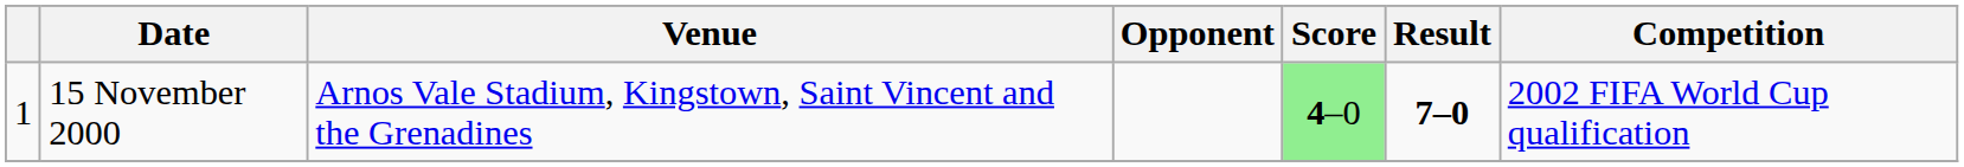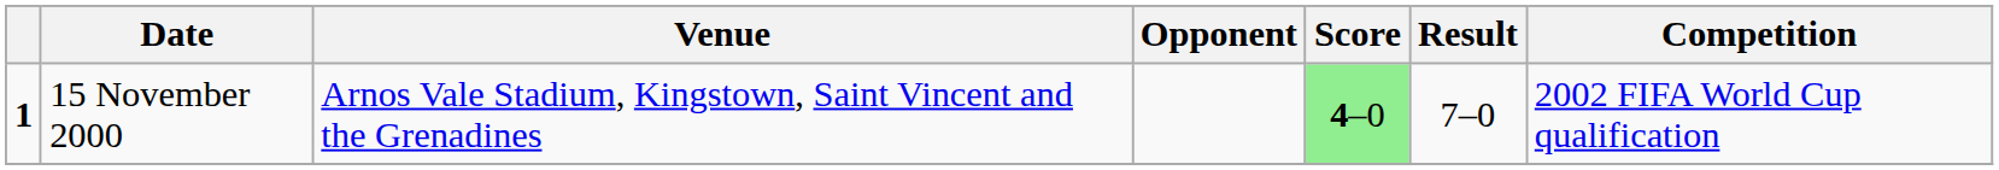 <table class="wikitable">
 <tr>
 <th></th>
 <th>Date</th>
 <th>Venue</th>
 <th>Opponent</th>
 <th>Score</th>
 <th>Result</th>
 <th>Competition</th>
 </tr>
 <tr>
-<td align="center">1</td>
+<td align="center"><strong>1</strong></td>
 <td>15 November 2000</td>
 <td><a href='#'>Arnos Vale Stadium</a>, <a href='#'>Kingstown</a>, <a href='#'>Saint Vincent and the Grenadines</a></td>
 <td></td>
 <td align="center" style="background: lightgreen;"><strong>4</strong>–0</td>
-<td align="center"><strong>7–0</strong></td>
+<td align="center">7–0</td>
 <td><a href='#'>2002 FIFA World Cup qualification</a></td>
 </tr>
 <tr>
 </tr>
 </table>
